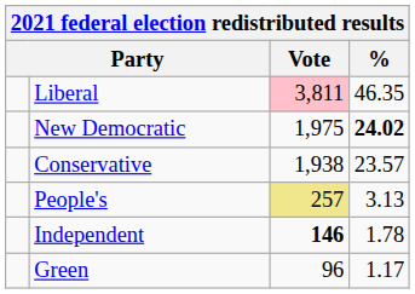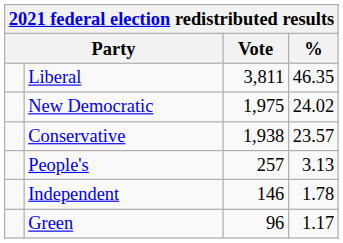 <table class="wikitable">
 <tr>
 <th colspan="4"><a href='#'>2021 federal election</a> redistributed results</th>
 </tr>
 <tr>
 <th bgcolor="#DDDDFF" width="130px" colspan="2">Party</th>
 <th bgcolor="#DDDDFF" width="50px">Vote</th>
 <th bgcolor="#DDDDFF" width="30px">%</th>
 </tr>
 <tr>
 <td> </td>
 <td><a href='#'>Liberal</a></td>
-<td align=right style="background: pink;">3,811</td>
+<td align=right>3,811</td>
 <td align=right>46.35</td>
 </tr>
 <tr>
 <td> </td>
 <td><a href='#'>New Democratic</a></td>
 <td align=right>1,975</td>
-<td align=right><strong>24.02</strong></td>
+<td align=right>24.02</td>
 </tr>
 <tr>
 <td> </td>
 <td><a href='#'>Conservative</a></td>
 <td align=right>1,938</td>
 <td align=right>23.57</td>
 </tr>
 <tr>
 <td> </td>
 <td><a href='#'>People's</a></td>
-<td align=right style="background: khaki;">257</td>
+<td align=right>257</td>
 <td align=right>3.13</td>
 </tr>
 <tr>
 <td> </td>
 <td><a href='#'>Independent</a></td>
-<td align=right><strong>146</strong></td>
+<td align=right>146</td>
 <td align=right>1.78</td>
 </tr>
 <tr>
 <td> </td>
 <td><a href='#'>Green</a></td>
 <td align=right>96</td>
 <td align=right>1.17</td>
 </tr>
 </table>
